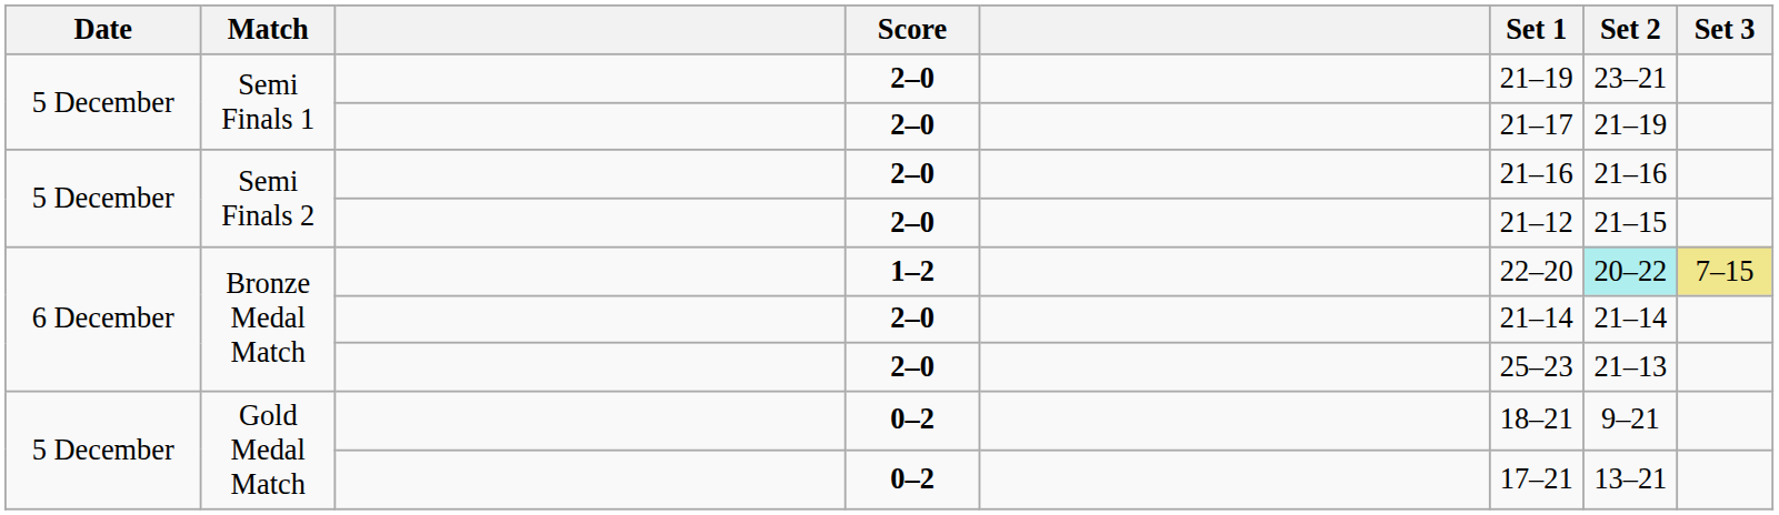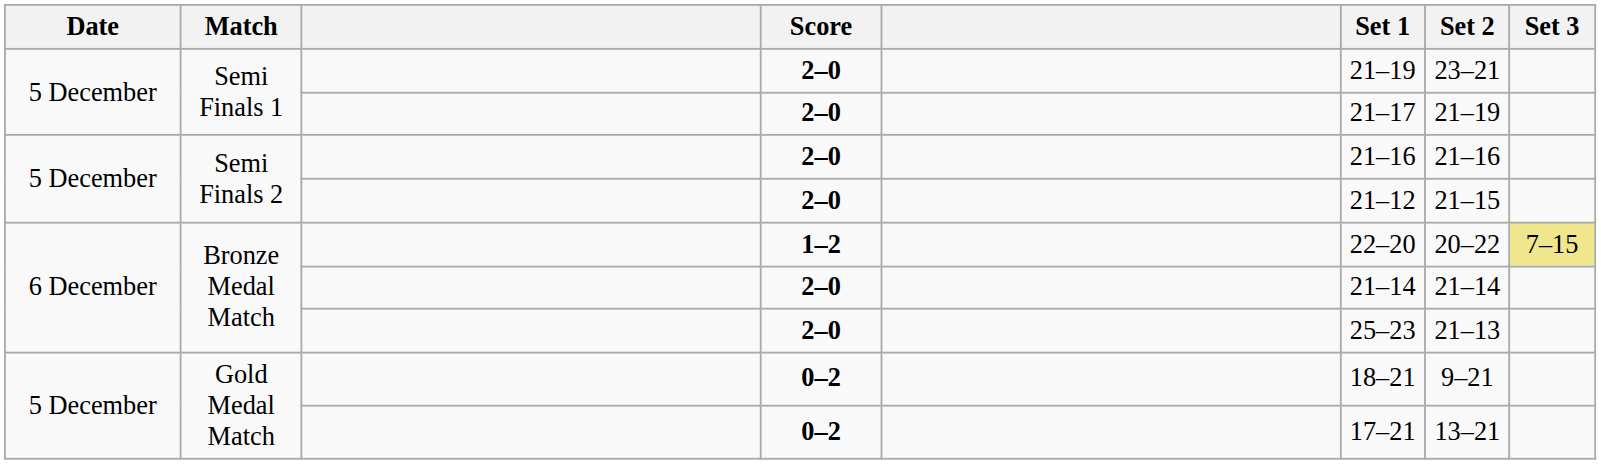 <table class="wikitable" style="text-align: center; font-size:90% ">
 <tr>
 <th width="90">Date</th>
 <th width="60">Match</th>
 <th align="right" width="250"></th>
 <th width="60">Score</th>
 <th align="left" width="250"></th>
 <th width="40">Set 1</th>
 <th width="40">Set 2</th>
 <th width="40">Set 3</th>
 </tr>
 <tr>
 <td rowspan=2>5 December</td>
 <td rowspan=2>Semi Finals 1</td>
 <td align=left><strong></strong></td>
 <td align=center><strong>2–0</strong></td>
 <td align=left></td>
 <td>21–19</td>
 <td>23–21</td>
 <td></td>
 </tr>
 <tr>
 <td align=left><strong></strong></td>
 <td align=center><strong>2–0</strong></td>
 <td align=left></td>
 <td>21–17</td>
 <td>21–19</td>
 <td></td>
 </tr>
 <tr>
 <td rowspan=2>5 December</td>
 <td rowspan=2>Semi Finals 2</td>
 <td align=left><strong></strong></td>
 <td align=center><strong>2–0</strong></td>
 <td align=left></td>
 <td>21–16</td>
 <td>21–16</td>
 <td></td>
 </tr>
 <tr>
 <td align=left><strong></strong></td>
 <td align=center><strong>2–0</strong></td>
 <td align=left></td>
 <td>21–12</td>
 <td>21–15</td>
 <td></td>
 </tr>
 <tr>
 <td rowspan=3>6 December</td>
 <td rowspan=3>Bronze Medal Match</td>
 <td align=left></td>
 <td align=center><strong>1–2</strong></td>
 <td align=left><strong></strong></td>
 <td>22–20</td>
-<td style="background: paleturquoise;">20–22</td>
+<td>20–22</td>
 <td style="background: khaki;">7–15</td>
 </tr>
 <tr>
 <td align=left><strong></strong></td>
 <td align=center><strong>2–0</strong></td>
 <td align=left></td>
 <td>21–14</td>
 <td>21–14</td>
 <td></td>
 </tr>
 <tr>
 <td align=left><strong></strong></td>
 <td align=center><strong>2–0</strong></td>
 <td align=left></td>
 <td>25–23</td>
 <td>21–13</td>
 <td></td>
 </tr>
 <tr>
 <td rowspan=2>5 December</td>
 <td rowspan=2>Gold Medal Match</td>
 <td align=left></td>
 <td align=center><strong>0–2</strong></td>
 <td align=left><strong></strong></td>
 <td>18–21</td>
 <td>9–21</td>
 <td></td>
 </tr>
 <tr>
 <td align=left></td>
 <td align=center><strong>0–2</strong></td>
 <td align=left><strong></strong></td>
 <td>17–21</td>
 <td>13–21</td>
 <td></td>
 </tr>
 </table>
